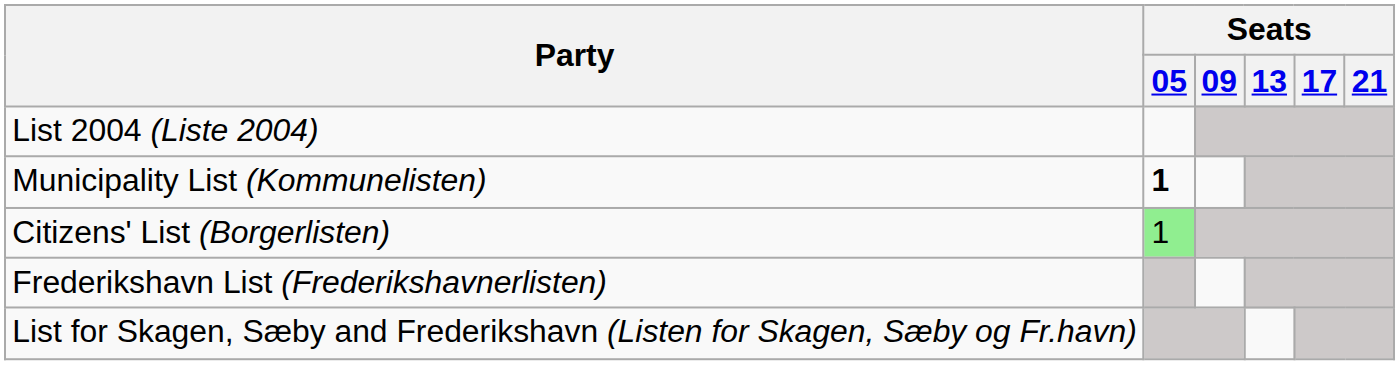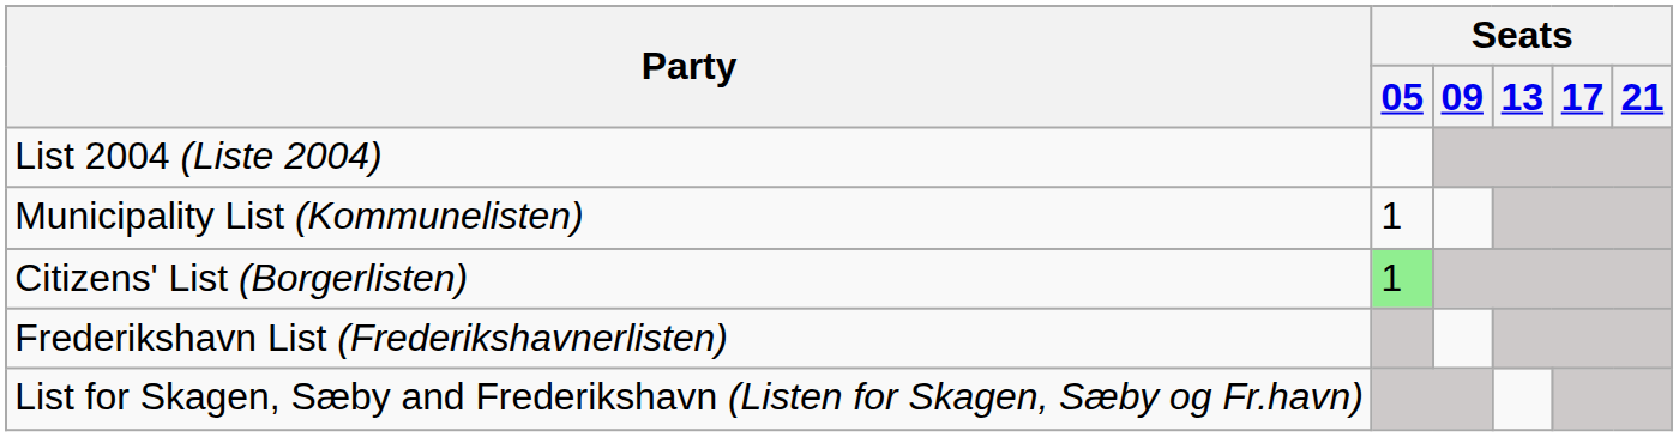 <table class="wikitable">
 <tr>
 <th rowspan=2>Party</th>
 <th colspan=11>Seats</th>
 </tr>
 <tr>
 <th><a href='#'>05</a></th>
 <th><a href='#'>09</a></th>
 <th><a href='#'>13</a></th>
 <th><a href='#'>17</a></th>
 <th><a href='#'>21</a></th>
 </tr>
 <tr>
 <td>List 2004 <em>(Liste 2004)</em></td>
 <td></td>
 <td style="background:#CDC9C9;" colspan=4></td>
 </tr>
 <tr>
 <td>Municipality List <em>(Kommunelisten)</em></td>
-<td><strong>1</strong></td>
+<td>1</td>
 <td></td>
 <td style="background:#CDC9C9;" colspan=3></td>
 </tr>
 <tr>
 <td>Citizens' List <em>(Borgerlisten)</em></td>
 <td style="background: lightgreen;">1</td>
 <td style="background:#CDC9C9;" colspan=4></td>
 </tr>
 <tr>
 <td>Frederikshavn List <em>(Frederikshavnerlisten)</em></td>
 <td style="background:#CDC9C9;"></td>
 <td></td>
 <td style="background:#CDC9C9;" colspan=3></td>
 </tr>
 <tr>
 <td>List for Skagen, Sæby and Frederikshavn <em>(Listen for Skagen, Sæby og Fr.havn)</em></td>
 <td style="background:#CDC9C9;" colspan=2></td>
 <td></td>
 <td style="background:#CDC9C9;" colspan=2></td>
 </tr>
 </table>
